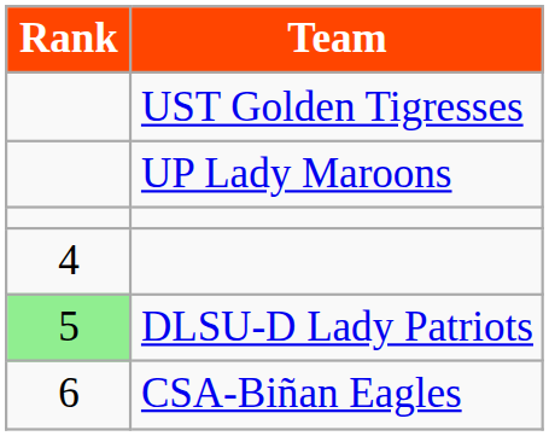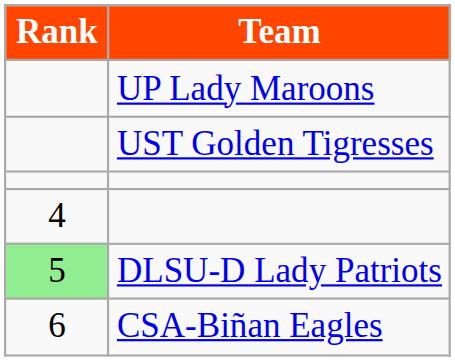 <table class="wikitable" style="text-align: center;">
 <tr>
 <th width=40 style="background:#FF4500; color:#FFFFFF;">Rank</th>
 <th style="background:#FF4500; color:#FFFFFF;">Team</th>
 </tr>
 <tr>
 <td></td>
-<td style="text-align:left;"> <a href='#'>UST Golden Tigresses</a></td>
+<td style="text-align:left;"> <a href='#'>UP Lady Maroons</a></td>
 </tr>
 <tr>
 <td></td>
-<td style="text-align:left;"> <a href='#'>UP Lady Maroons</a></td>
+<td style="text-align:left;"> <a href='#'>UST Golden Tigresses</a></td>
 </tr>
 <tr>
 <td></td>
 <td style="text-align:left;"></td>
 </tr>
 <tr>
 <td>4</td>
 <td style="text-align:left;"></td>
 </tr>
 <tr>
 <td style="background: lightgreen;">5</td>
 <td style="text-align:left;"> <a href='#'>DLSU-D Lady Patriots</a></td>
 </tr>
 <tr>
 <td>6</td>
 <td style="text-align:left;"> <a href='#'>CSA-Biñan Eagles</a></td>
 </tr>
 </table>
